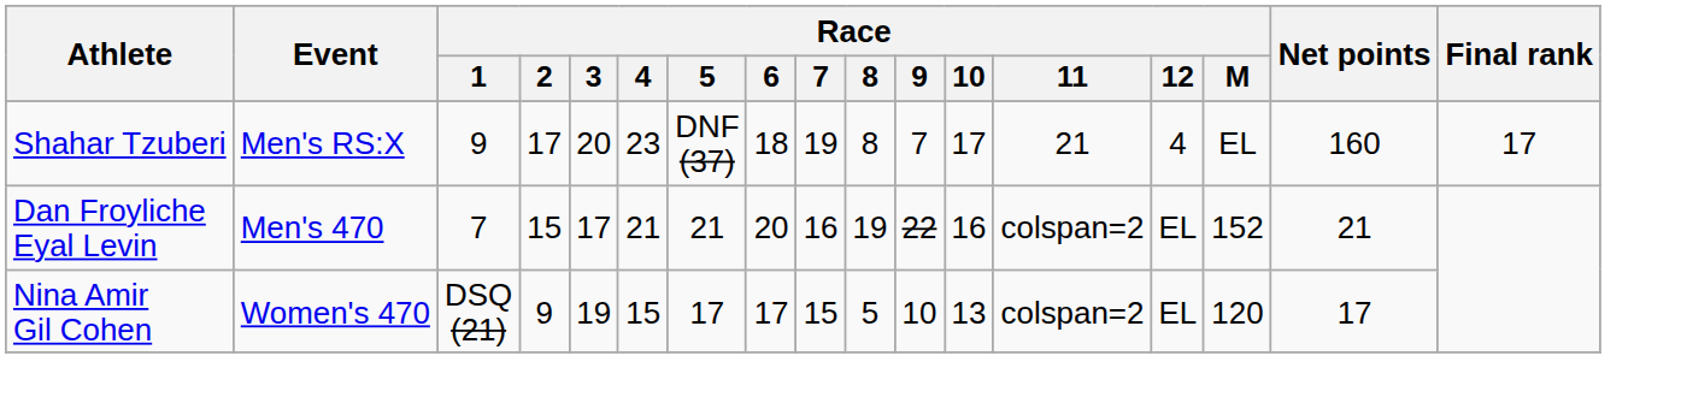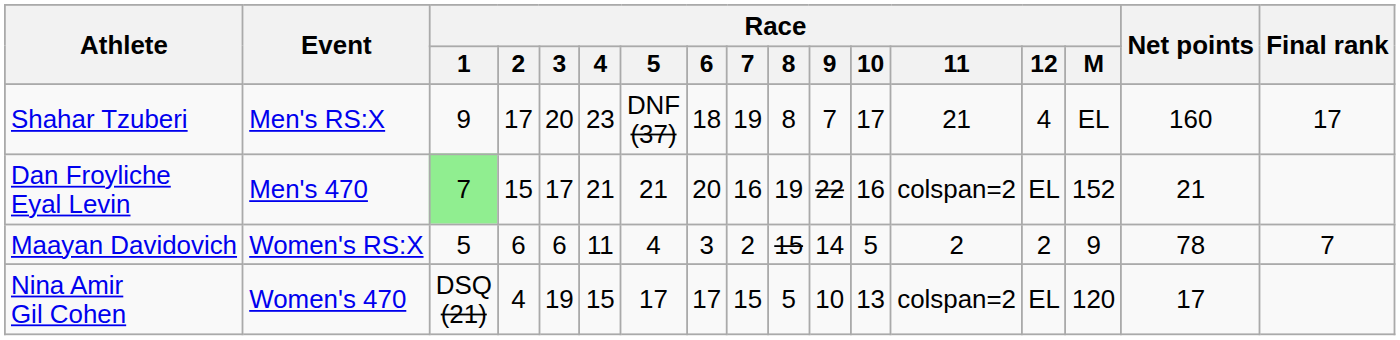 <table class="wikitable" style="font-size:90%">
 <tr>
 <th rowspan="2">Athlete</th>
 <th rowspan="2">Event</th>
 <th colspan=13>Race</th>
 <th rowspan=2>Net points</th>
 <th rowspan=2>Final rank</th>
 </tr>
 <tr style="font-size:95%">
 <th>1</th>
 <th>2</th>
 <th>3</th>
 <th>4</th>
 <th>5</th>
 <th>6</th>
 <th>7</th>
 <th>8</th>
 <th>9</th>
 <th>10</th>
 <th>11</th>
 <th>12</th>
 <th>M</th>
 </tr>
 <tr align=center>
 <td align=left><a href='#'>Shahar Tzuberi</a></td>
 <td align=left><a href='#'>Men's RS:X</a></td>
 <td>9</td>
 <td>17</td>
 <td>20</td>
 <td>23</td>
 <td>DNF<br><s>(37)</s></td>
 <td>18</td>
 <td>19</td>
 <td>8</td>
 <td>7</td>
 <td>17</td>
 <td>21</td>
 <td>4</td>
 <td>EL</td>
 <td>160</td>
 <td>17</td>
 </tr>
 <tr align=center>
 <td align=left><a href='#'>Dan Froyliche</a><br><a href='#'>Eyal Levin</a></td>
 <td align=left><a href='#'>Men's 470</a></td>
-<td>7</td>
+<td style="background: lightgreen;">7</td>
 <td>15</td>
 <td>17</td>
 <td>21</td>
 <td>21</td>
 <td>20</td>
 <td>16</td>
 <td>19</td>
 <td><s>22</s></td>
 <td>16</td>
 <td>colspan=2 </td>
 <td>EL</td>
 <td>152</td>
 <td>21</td>
 </tr>
 <tr align=center>
+<td align=left><a href='#'>Maayan Davidovich</a></td>
+<td align=left><a href='#'>Women's RS:X</a></td>
+<td>5</td>
+<td>6</td>
+<td>6</td>
+<td>11</td>
+<td>4</td>
+<td>3</td>
+<td>2</td>
+<td><s>15</s></td>
+<td>14</td>
+<td>5</td>
+<td>2</td>
+<td>2</td>
+<td>9</td>
+<td>78</td>
+<td>7</td>
+</tr>
+<tr align=center>
 <td align=left><a href='#'>Nina Amir</a><br><a href='#'>Gil Cohen</a></td>
 <td align=left><a href='#'>Women's 470</a></td>
 <td>DSQ<br><s>(21)</s></td>
-<td>9</td>
+<td>4</td>
 <td>19</td>
 <td>15</td>
 <td>17</td>
 <td>17</td>
 <td>15</td>
 <td>5</td>
 <td>10</td>
 <td>13</td>
 <td>colspan=2 </td>
 <td>EL</td>
 <td>120</td>
 <td>17</td>
 </tr>
 </table>
